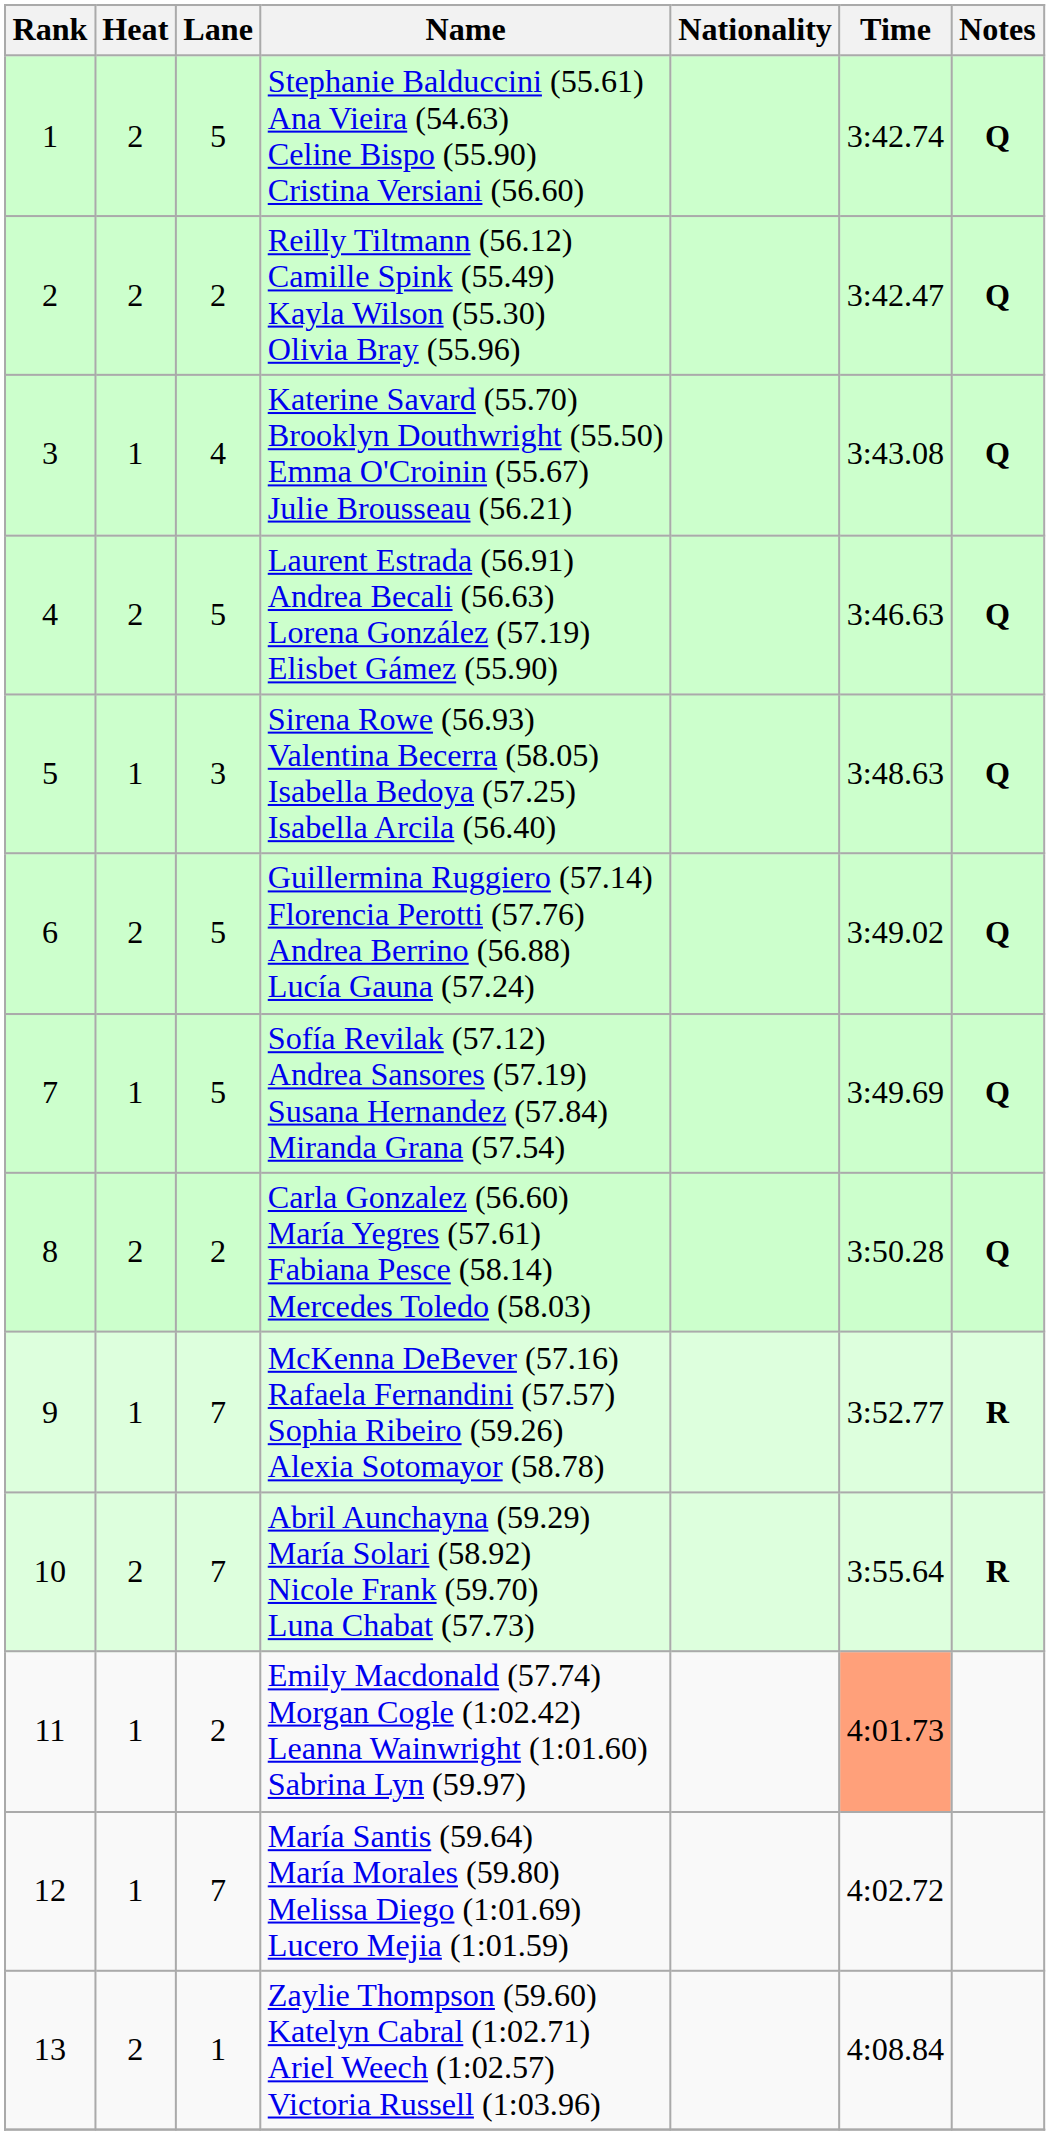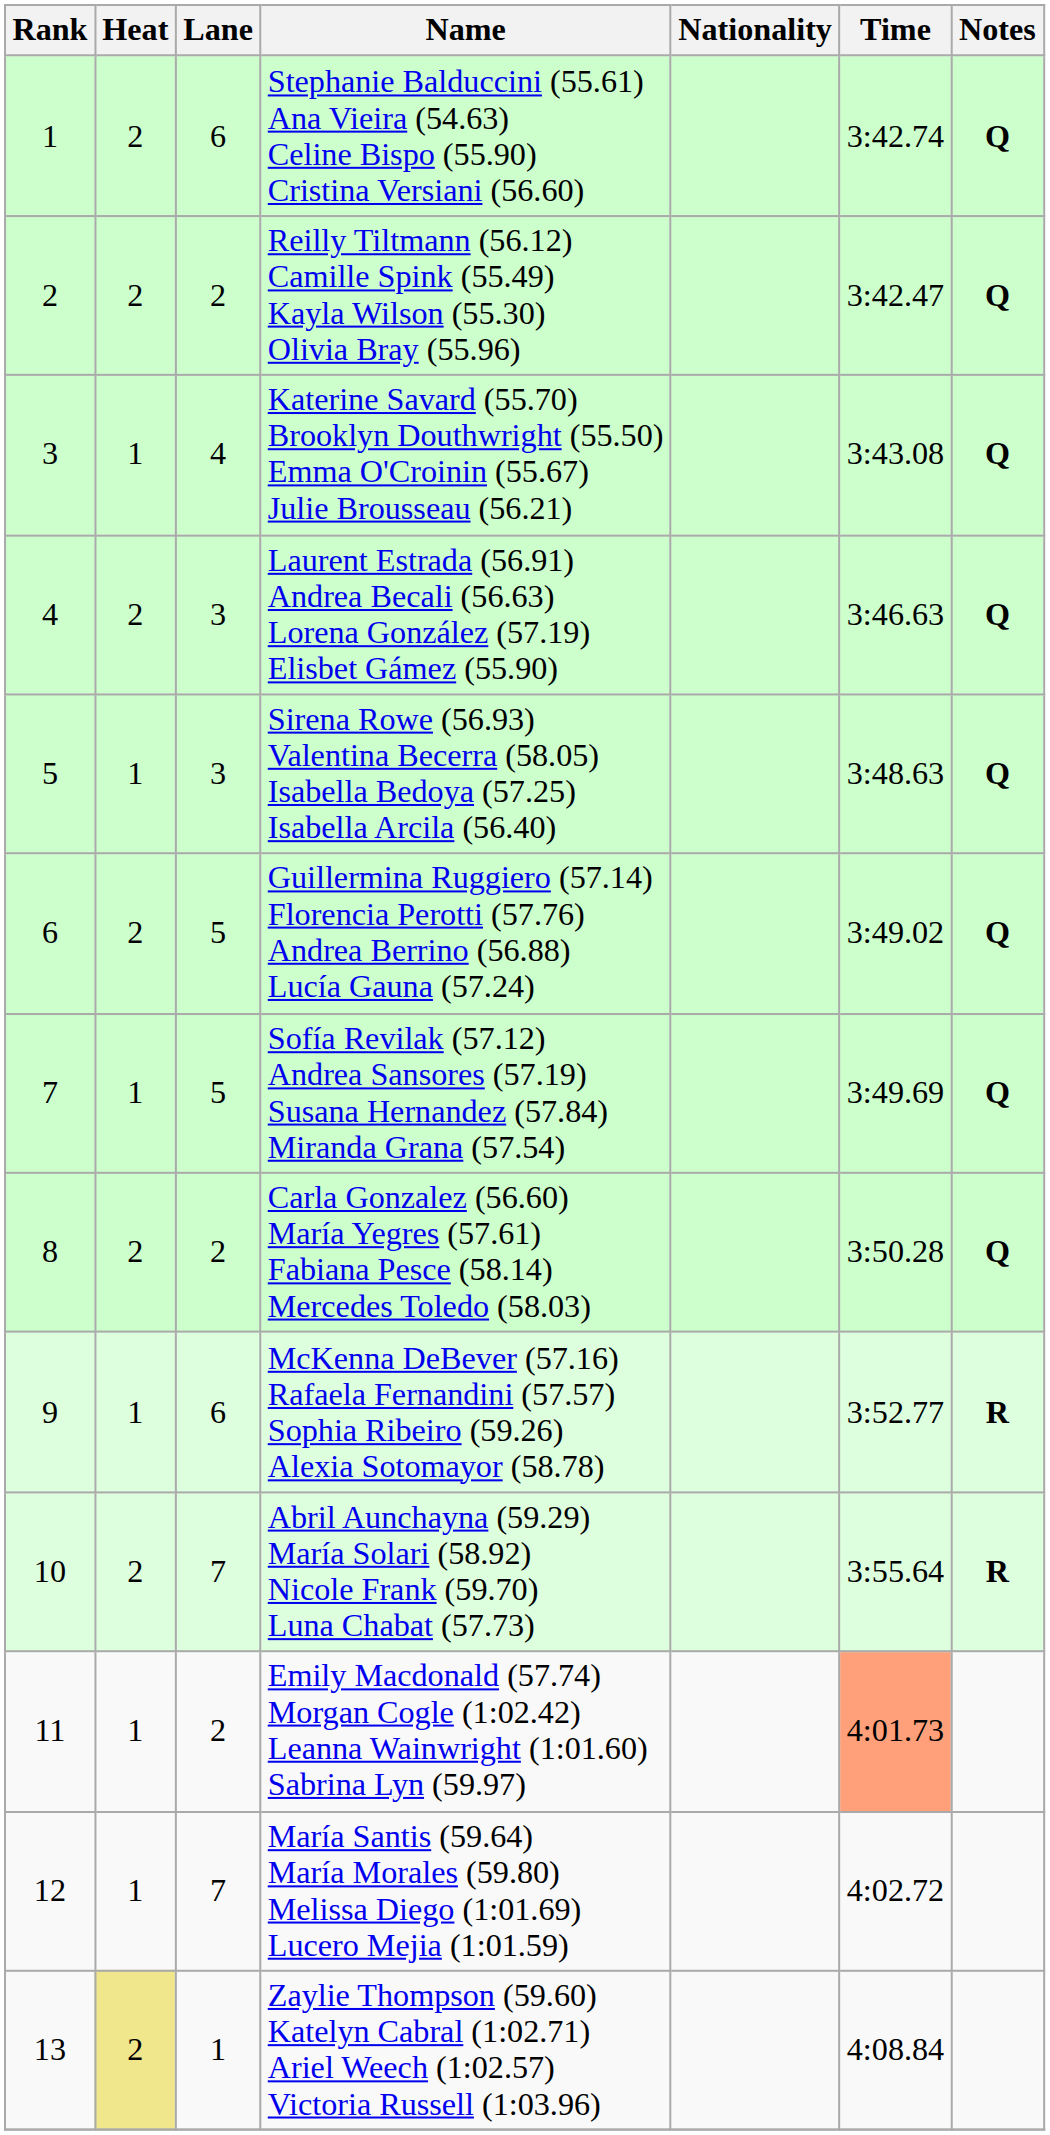 <table class="wikitable sortable" style="text-align:center">
 <tr>
 <th>Rank</th>
 <th>Heat</th>
 <th>Lane</th>
 <th>Name</th>
 <th>Nationality</th>
 <th>Time</th>
 <th>Notes</th>
 </tr>
 <tr bgcolor="ccffcc">
 <td>1</td>
 <td>2</td>
-<td>5</td>
+<td>6</td>
 <td align="left"><a href='#'>Stephanie Balduccini</a> (55.61)<br><a href='#'>Ana Vieira</a> (54.63)<br><a href='#'>Celine Bispo</a> (55.90)<br><a href='#'>Cristina Versiani</a> (56.60)</td>
 <td align="left"></td>
 <td>3:42.74</td>
 <td><strong>Q</strong></td>
 </tr>
 <tr bgcolor="ccffcc">
 <td>2</td>
 <td>2</td>
 <td>2</td>
 <td align="left"><a href='#'>Reilly Tiltmann</a> (56.12)<br><a href='#'>Camille Spink</a> (55.49)<br><a href='#'>Kayla Wilson</a> (55.30)<br><a href='#'>Olivia Bray</a> (55.96)</td>
 <td align="left"></td>
 <td>3:42.47</td>
 <td><strong>Q</strong></td>
 </tr>
 <tr bgcolor="ccffcc">
 <td>3</td>
 <td>1</td>
 <td>4</td>
 <td align="left"><a href='#'>Katerine Savard</a> (55.70)<br><a href='#'>Brooklyn Douthwright</a> (55.50)<br><a href='#'>Emma O'Croinin</a> (55.67)<br><a href='#'>Julie Brousseau</a> (56.21)</td>
 <td align="left"></td>
 <td>3:43.08</td>
 <td><strong>Q</strong></td>
 </tr>
 <tr bgcolor="ccffcc">
 <td>4</td>
 <td>2</td>
-<td>5</td>
+<td>3</td>
 <td align="left"><a href='#'>Laurent Estrada</a> (56.91)<br><a href='#'>Andrea Becali</a> (56.63)<br><a href='#'>Lorena González</a> (57.19)<br><a href='#'>Elisbet Gámez</a> (55.90)</td>
 <td align="left"></td>
 <td>3:46.63</td>
 <td><strong>Q</strong></td>
 </tr>
 <tr bgcolor="ccffcc">
 <td>5</td>
 <td>1</td>
 <td>3</td>
 <td align="left"><a href='#'>Sirena Rowe</a> (56.93)<br><a href='#'>Valentina Becerra</a> (58.05)<br><a href='#'>Isabella Bedoya</a> (57.25)<br><a href='#'>Isabella Arcila</a> (56.40)</td>
 <td align="left"></td>
 <td>3:48.63</td>
 <td><strong>Q</strong></td>
 </tr>
 <tr bgcolor="ccffcc">
 <td>6</td>
 <td>2</td>
 <td>5</td>
 <td align="left"><a href='#'>Guillermina Ruggiero</a> (57.14)<br><a href='#'>Florencia Perotti</a> (57.76)<br><a href='#'>Andrea Berrino</a> (56.88)<br><a href='#'>Lucía Gauna</a> (57.24)</td>
 <td align="left"></td>
 <td>3:49.02</td>
 <td><strong>Q</strong></td>
 </tr>
 <tr bgcolor="ccffcc">
 <td>7</td>
 <td>1</td>
 <td>5</td>
 <td align="left"><a href='#'>Sofía Revilak</a> (57.12)<br><a href='#'>Andrea Sansores</a> (57.19)<br><a href='#'>Susana Hernandez</a> (57.84)<br><a href='#'>Miranda Grana</a> (57.54)</td>
 <td align="left"></td>
 <td>3:49.69</td>
 <td><strong>Q</strong></td>
 </tr>
 <tr bgcolor="ccffcc">
 <td>8</td>
 <td>2</td>
 <td>2</td>
 <td align="left"><a href='#'>Carla Gonzalez</a> (56.60)<br><a href='#'>María Yegres</a> (57.61)<br><a href='#'>Fabiana Pesce</a> (58.14)<br><a href='#'>Mercedes Toledo</a> (58.03)</td>
 <td align="left"></td>
 <td>3:50.28</td>
 <td><strong>Q</strong></td>
 </tr>
 <tr bgcolor="ddffdd">
 <td>9</td>
 <td>1</td>
-<td>7</td>
+<td>6</td>
 <td align="left"><a href='#'>McKenna DeBever</a> (57.16)<br><a href='#'>Rafaela Fernandini</a> (57.57)<br><a href='#'>Sophia Ribeiro</a> (59.26)<br><a href='#'>Alexia Sotomayor</a> (58.78)</td>
 <td align="left"></td>
 <td>3:52.77</td>
 <td><strong>R</strong></td>
 </tr>
 <tr bgcolor="ddffdd">
 <td>10</td>
 <td>2</td>
 <td>7</td>
 <td align="left"><a href='#'>Abril Aunchayna</a> (59.29)<br><a href='#'>María Solari</a> (58.92)<br><a href='#'>Nicole Frank</a> (59.70)<br><a href='#'>Luna Chabat</a> (57.73)</td>
 <td align="left"></td>
 <td>3:55.64</td>
 <td><strong>R</strong></td>
 </tr>
 <tr>
 <td>11</td>
 <td>1</td>
 <td>2</td>
 <td align="left"><a href='#'>Emily Macdonald</a> (57.74)<br><a href='#'>Morgan Cogle</a> (1:02.42)<br><a href='#'>Leanna Wainwright</a> (1:01.60)<br><a href='#'>Sabrina Lyn</a> (59.97)</td>
 <td align="left"></td>
 <td style="background: lightsalmon;">4:01.73</td>
 <td></td>
 </tr>
 <tr>
 <td>12</td>
 <td>1</td>
 <td>7</td>
 <td align="left"><a href='#'>María Santis</a> (59.64)<br><a href='#'>María Morales</a> (59.80)<br><a href='#'>Melissa Diego</a> (1:01.69)<br><a href='#'>Lucero Mejia</a> (1:01.59)</td>
 <td align="left"></td>
 <td>4:02.72</td>
 <td></td>
 </tr>
 <tr>
 <td>13</td>
-<td>2</td>
+<td style="background: khaki;">2</td>
 <td>1</td>
 <td align="left"><a href='#'>Zaylie Thompson</a> (59.60)<br><a href='#'>Katelyn Cabral</a> (1:02.71)<br><a href='#'>Ariel Weech</a> (1:02.57)<br><a href='#'>Victoria Russell</a> (1:03.96)</td>
 <td align="left"></td>
 <td>4:08.84</td>
 <td></td>
 </tr>
 <tr>
 </tr>
 </table>
